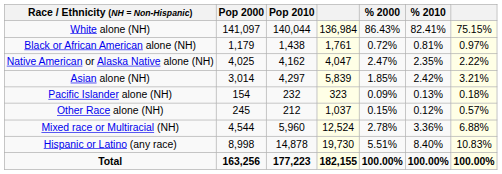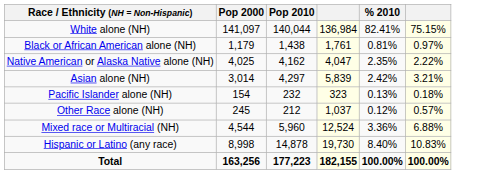 <table class="wikitable" style="text-align:center;">
 <tr>
 <th>Race / Ethnicity <small>(<em>NH = Non-Hispanic</em>)</small></th>
 <th>Pop 2000</th>
 <th>Pop 2010</th>
 <th></th>
-<th>% 2000</th>
 <th>% 2010</th>
 <th></th>
 </tr>
 <tr>
 <td><a href='#'>White</a> alone (NH)</td>
 <td>141,097</td>
 <td>140,044</td>
 <td style='background: #ffffe6;'>136,984</td>
-<td>86.43%</td>
 <td>82.41%</td>
 <td style='background: #ffffe6;'>75.15%</td>
 </tr>
 <tr>
 <td><a href='#'>Black or African American</a> alone (NH)</td>
 <td>1,179</td>
 <td>1,438</td>
 <td style='background: #ffffe6;'>1,761</td>
-<td>0.72%</td>
 <td>0.81%</td>
 <td style='background: #ffffe6;'>0.97%</td>
 </tr>
 <tr>
 <td><a href='#'>Native American</a> or <a href='#'>Alaska Native</a> alone (NH)</td>
 <td>4,025</td>
 <td>4,162</td>
 <td style='background: #ffffe6;'>4,047</td>
-<td>2.47%</td>
 <td>2.35%</td>
 <td style='background: #ffffe6;'>2.22%</td>
 </tr>
 <tr>
 <td><a href='#'>Asian</a> alone (NH)</td>
 <td>3,014</td>
 <td>4,297</td>
 <td style='background: #ffffe6;'>5,839</td>
-<td>1.85%</td>
 <td>2.42%</td>
 <td style='background: #ffffe6;'>3.21%</td>
 </tr>
 <tr>
 <td><a href='#'>Pacific Islander</a> alone (NH)</td>
 <td>154</td>
 <td>232</td>
 <td style='background: #ffffe6;'>323</td>
-<td>0.09%</td>
 <td>0.13%</td>
 <td style='background: #ffffe6;'>0.18%</td>
 </tr>
 <tr>
 <td><a href='#'>Other Race</a> alone (NH)</td>
 <td>245</td>
 <td>212</td>
 <td style='background: #ffffe6;'>1,037</td>
-<td>0.15%</td>
 <td>0.12%</td>
 <td style='background: #ffffe6;'>0.57%</td>
 </tr>
 <tr>
 <td><a href='#'>Mixed race or Multiracial</a> (NH)</td>
 <td>4,544</td>
 <td>5,960</td>
 <td style='background: #ffffe6;'>12,524</td>
-<td>2.78%</td>
 <td>3.36%</td>
 <td style='background: #ffffe6;'>6.88%</td>
 </tr>
 <tr>
 <td><a href='#'>Hispanic or Latino</a> (any race)</td>
 <td>8,998</td>
 <td>14,878</td>
 <td style='background: #ffffe6;'>19,730</td>
-<td>5.51%</td>
 <td>8.40%</td>
 <td style='background: #ffffe6;'>10.83%</td>
 </tr>
 <tr>
 <td><strong>Total</strong></td>
 <td><strong>163,256</strong></td>
 <td><strong>177,223</strong></td>
 <td style='background: #ffffe6;'><strong>182,155</strong></td>
 <td><strong>100.00%</strong></td>
-<td><strong>100.00%</strong></td>
 <td style='background: #ffffe6;'><strong>100.00%</strong></td>
 </tr>
 </table>
